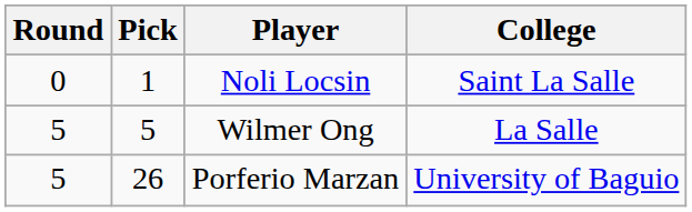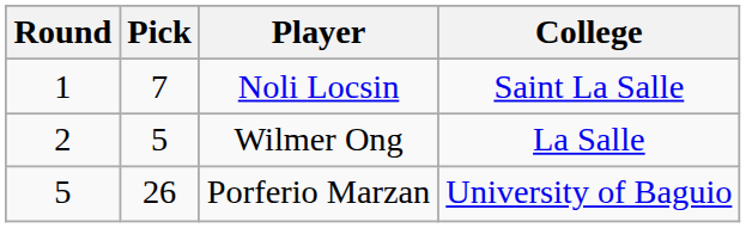 <table class="wikitable sortable sortable">
 <tr>
 <th>Round</th>
 <th>Pick</th>
 <th>Player</th>
 <th>College</th>
 </tr>
 <tr style="text-align: center">
-<td align="center">0</td>
 <td align="center">1</td>
+<td align="center">7</td>
 <td><a href='#'>Noli Locsin</a></td>
 <td><a href='#'>Saint La Salle</a></td>
 </tr>
 <tr style="text-align: center">
-<td align="center">5</td>
+<td align="center">2</td>
 <td align="center">5</td>
 <td>Wilmer Ong</td>
 <td><a href='#'>La Salle</a></td>
 </tr>
 <tr style="text-align: center">
 <td align="center">5</td>
 <td align="center">26</td>
 <td>Porferio Marzan</td>
 <td><a href='#'>University of Baguio</a></td>
 </tr>
 </table>
